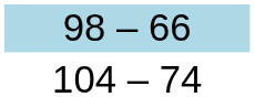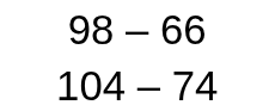 <table style="text-align:center;">
 <tr>
 <th width=200></th>
 <th width=100></th>
 <th width=200></th>
 <th></th>
 </tr>
 <tr>
 <td align=right><strong></strong></td>
-<td style="background: lightblue;">98 – 66</td>
+<td>98 – 66</td>
 <td align=left></td>
 </tr>
 <tr>
 <td align=right><strong></strong></td>
 <td>104 – 74</td>
 <td align=left></td>
 </tr>
 </table>
